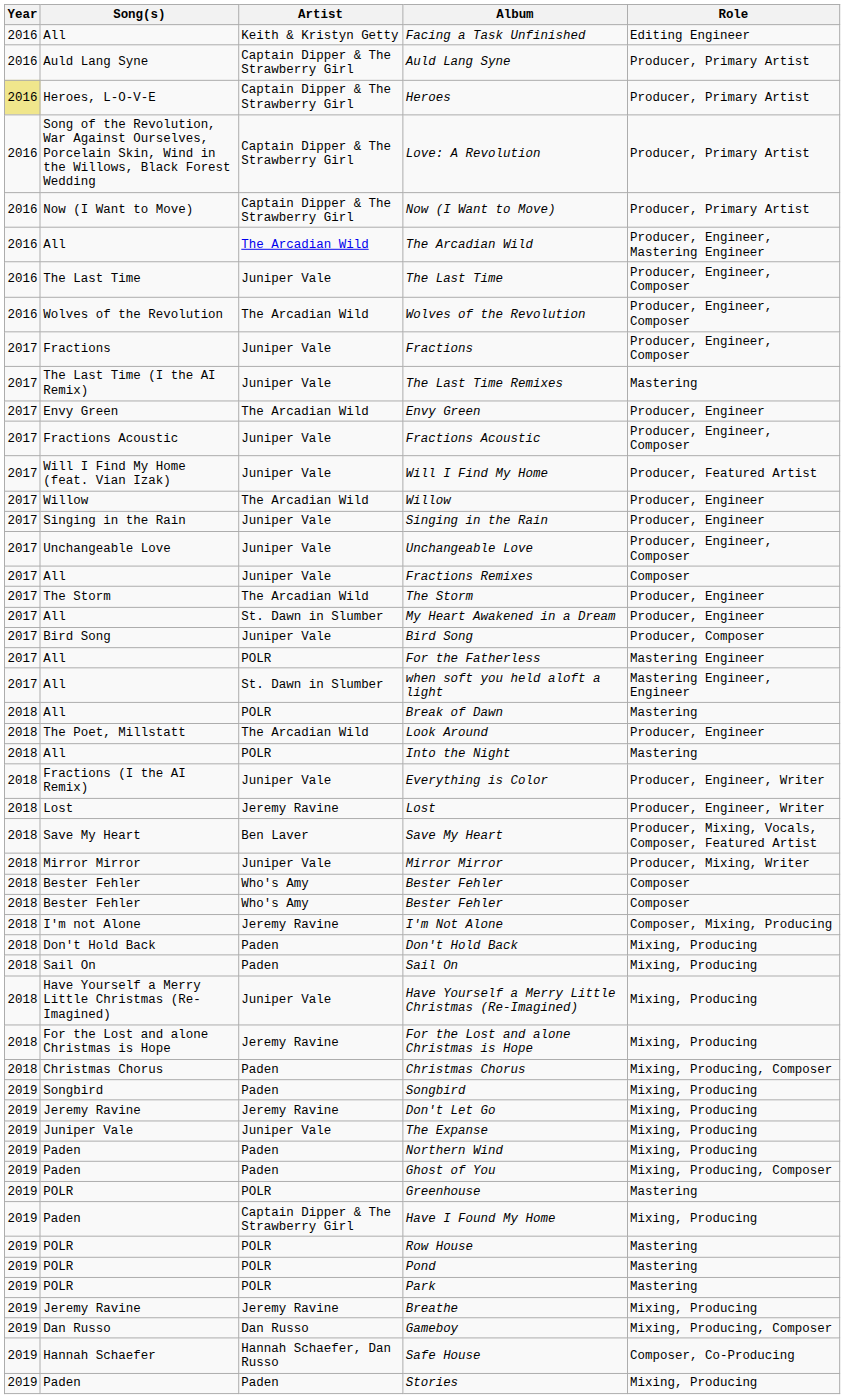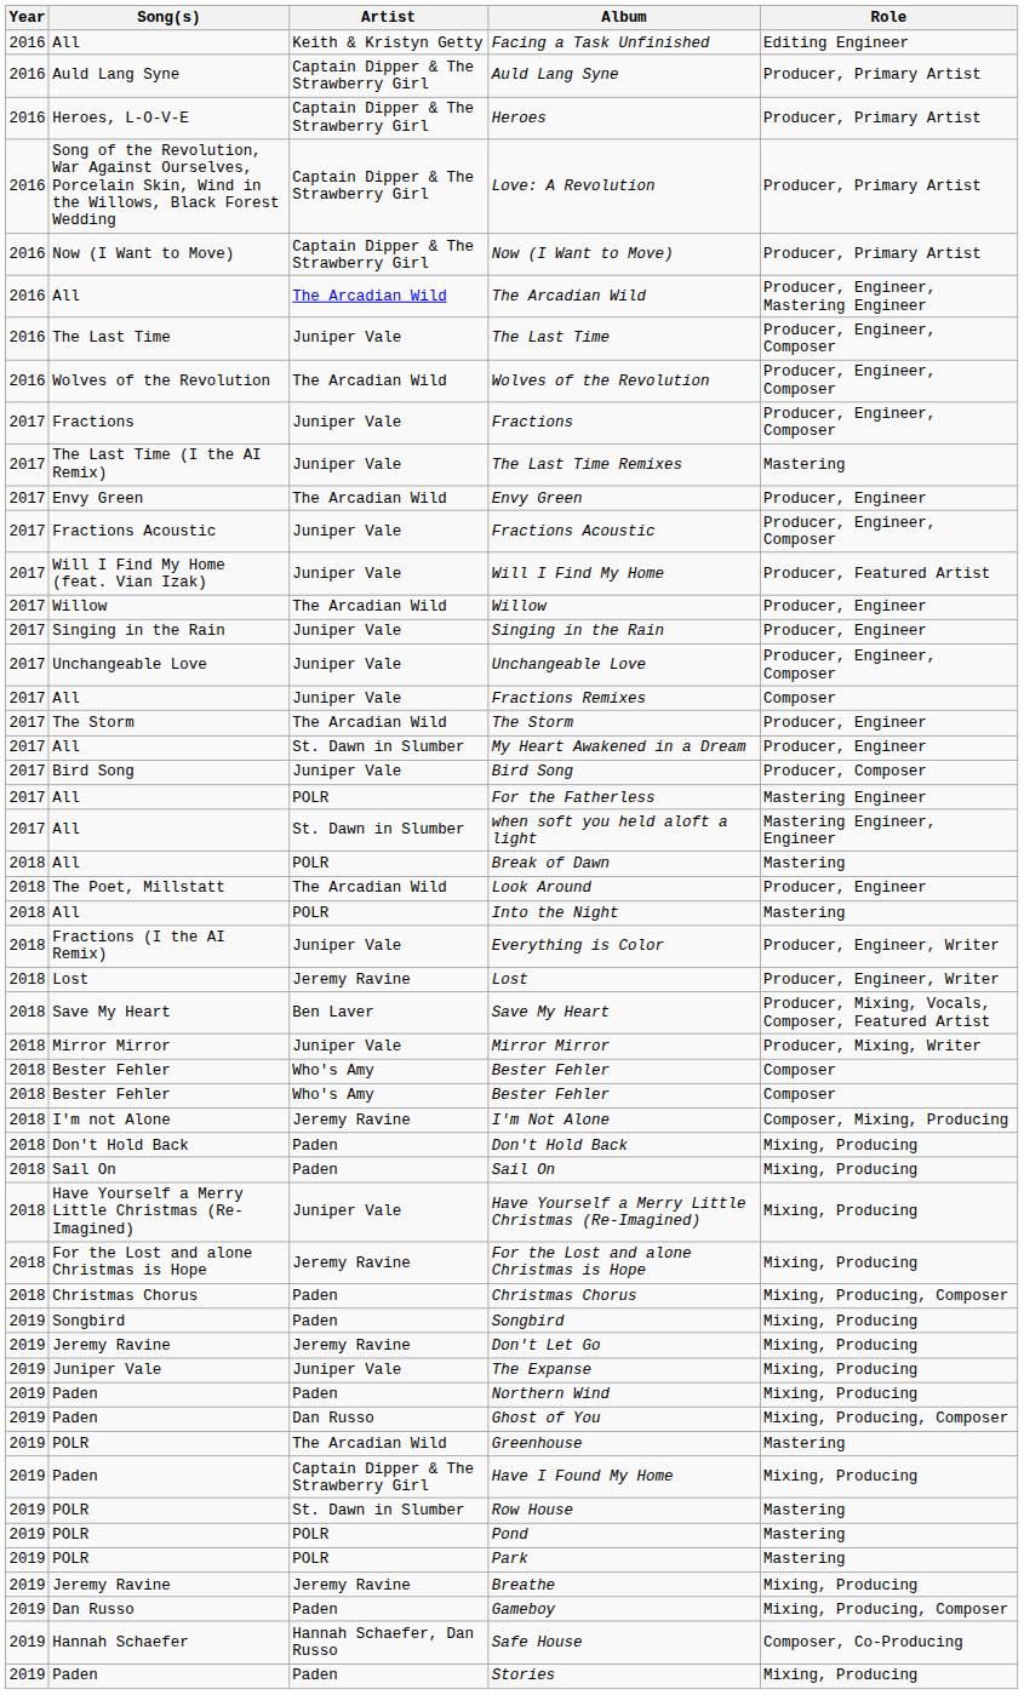 <table class="wikitable">
 <tr>
 <th>Year</th>
 <th style="width:200px;">Song(s)</th>
 <th>Artist</th>
 <th>Album</th>
 <th>Role</th>
 </tr>
 <tr>
 <td>2016</td>
 <td style="width:200px;">All</td>
 <td>Keith & Kristyn Getty</td>
 <td><em>Facing a Task Unfinished</em></td>
 <td>Editing Engineer</td>
 </tr>
 <tr>
 <td>2016</td>
 <td style="width:200px;">Auld Lang Syne</td>
 <td>Captain Dipper & The Strawberry Girl</td>
 <td><em>Auld Lang Syne</em></td>
 <td>Producer, Primary Artist</td>
 </tr>
 <tr>
-<td style="background: khaki;">2016</td>
+<td>2016</td>
 <td style="width:200px;">Heroes, L-O-V-E</td>
 <td>Captain Dipper & The Strawberry Girl</td>
 <td><em>Heroes</em></td>
 <td>Producer, Primary Artist</td>
 </tr>
 <tr>
 <td>2016</td>
 <td style="width:200px;">Song of the Revolution, War Against Ourselves, Porcelain Skin, Wind in the Willows, Black Forest Wedding</td>
 <td>Captain Dipper & The Strawberry Girl</td>
 <td><em>Love: A Revolution</em></td>
 <td>Producer, Primary Artist</td>
 </tr>
 <tr>
 <td>2016</td>
 <td style="width:200px;">Now (I Want to Move)</td>
 <td>Captain Dipper & The Strawberry Girl</td>
 <td><em>Now (I Want to Move)</em></td>
 <td>Producer, Primary Artist</td>
 </tr>
 <tr>
 <td>2016</td>
 <td style="width:200px;">All</td>
 <td><a href='#'>The Arcadian Wild</a></td>
 <td><em>The Arcadian Wild</em></td>
 <td>Producer, Engineer, Mastering Engineer</td>
 </tr>
 <tr>
 <td>2016</td>
 <td style="width:200px;">The Last Time</td>
 <td>Juniper Vale</td>
 <td><em>The Last Time</em></td>
 <td>Producer, Engineer, Composer</td>
 </tr>
 <tr>
 <td>2016</td>
 <td style="width:200px;">Wolves of the Revolution</td>
 <td>The Arcadian Wild</td>
 <td><em>Wolves of the Revolution</em></td>
 <td>Producer, Engineer, Composer</td>
 </tr>
 <tr>
 <td>2017</td>
 <td style="width:200px;">Fractions</td>
 <td>Juniper Vale</td>
 <td><em>Fractions</em></td>
 <td>Producer, Engineer, Composer</td>
 </tr>
 <tr>
 <td>2017</td>
 <td style="width:200px;">The Last Time (I the AI Remix)</td>
 <td>Juniper Vale</td>
 <td><em>The Last Time Remixes</em></td>
 <td>Mastering</td>
 </tr>
 <tr>
 <td>2017</td>
 <td style="width:200px;">Envy Green</td>
 <td>The Arcadian Wild</td>
 <td><em>Envy Green</em></td>
 <td>Producer, Engineer</td>
 </tr>
 <tr>
 <td>2017</td>
 <td style="width:200px;">Fractions Acoustic</td>
 <td>Juniper Vale</td>
 <td><em>Fractions Acoustic</em></td>
 <td>Producer, Engineer, Composer</td>
 </tr>
 <tr>
 <td>2017</td>
 <td style="width:200px;">Will I Find My Home (feat. Vian Izak)</td>
 <td>Juniper Vale</td>
 <td><em>Will I Find My Home</em></td>
 <td>Producer, Featured Artist</td>
 </tr>
 <tr>
 <td>2017</td>
 <td style="width:200px;">Willow</td>
 <td>The Arcadian Wild</td>
 <td><em>Willow</em></td>
 <td>Producer, Engineer</td>
 </tr>
 <tr>
 <td>2017</td>
 <td style="width:200px;">Singing in the Rain</td>
 <td>Juniper Vale</td>
 <td><em>Singing in the Rain</em></td>
 <td>Producer, Engineer</td>
 </tr>
 <tr>
 <td>2017</td>
 <td style="width:200px;">Unchangeable Love</td>
 <td>Juniper Vale</td>
 <td><em>Unchangeable Love</em></td>
 <td>Producer, Engineer, Composer</td>
 </tr>
 <tr>
 <td>2017</td>
 <td style="width:200px;">All</td>
 <td>Juniper Vale</td>
 <td><em>Fractions Remixes</em></td>
 <td>Composer</td>
 </tr>
 <tr>
 <td>2017</td>
 <td style="width:200px;">The Storm</td>
 <td>The Arcadian Wild</td>
 <td><em>The Storm</em></td>
 <td>Producer, Engineer</td>
 </tr>
 <tr>
 <td>2017</td>
 <td style="width:200px;">All </td>
 <td>St. Dawn in Slumber</td>
 <td><em>My Heart Awakened in a Dream</em></td>
 <td>Producer, Engineer</td>
 </tr>
 <tr>
 <td>2017</td>
 <td style="width:200px;">Bird Song </td>
 <td>Juniper Vale</td>
 <td><em>Bird Song</em></td>
 <td>Producer, Composer</td>
 </tr>
 <tr>
 <td>2017</td>
 <td style="width:200px;">All </td>
 <td>POLR</td>
 <td><em>For the Fatherless</em></td>
 <td>Mastering Engineer</td>
 </tr>
 <tr>
 <td>2017</td>
 <td style="width:200px;">All </td>
 <td>St. Dawn in Slumber</td>
 <td><em>when soft you held aloft a light</em></td>
 <td>Mastering Engineer, Engineer</td>
 </tr>
 <tr>
 <td>2018</td>
 <td style="width:200px;">All </td>
 <td>POLR</td>
 <td><em>Break of Dawn</em></td>
 <td>Mastering</td>
 </tr>
 <tr>
 <td>2018</td>
 <td style="width:200px;">The Poet, Millstatt </td>
 <td>The Arcadian Wild</td>
 <td><em>Look Around</em></td>
 <td>Producer, Engineer</td>
 </tr>
 <tr>
 <td>2018</td>
 <td>All</td>
 <td>POLR</td>
 <td><em>Into the Night</em></td>
 <td>Mastering</td>
 </tr>
 <tr>
 <td>2018</td>
 <td>Fractions (I the AI Remix)</td>
 <td>Juniper Vale</td>
 <td><em>Everything is Color</em></td>
 <td>Producer, Engineer, Writer</td>
 </tr>
 <tr>
 <td>2018</td>
 <td>Lost</td>
 <td>Jeremy Ravine</td>
 <td><em>Lost</em></td>
 <td>Producer, Engineer, Writer</td>
 </tr>
 <tr>
 <td>2018</td>
 <td>Save My Heart</td>
 <td>Ben Laver</td>
 <td><em>Save My Heart</em></td>
 <td>Producer, Mixing, Vocals, Composer, Featured Artist</td>
 </tr>
 <tr>
 <td>2018</td>
 <td>Mirror Mirror</td>
 <td>Juniper Vale</td>
 <td><em>Mirror Mirror</em></td>
 <td>Producer, Mixing, Writer</td>
 </tr>
 <tr>
 <td>2018</td>
 <td>Bester Fehler</td>
 <td>Who's Amy</td>
 <td><em>Bester Fehler</em></td>
 <td>Composer</td>
 </tr>
 <tr>
 <td>2018</td>
 <td>Bester Fehler</td>
 <td>Who's Amy</td>
 <td><em>Bester Fehler</em></td>
 <td>Composer</td>
 </tr>
 <tr>
 <td>2018</td>
 <td>I'm not Alone</td>
 <td>Jeremy Ravine</td>
 <td><em>I'm Not Alone</em></td>
 <td>Composer, Mixing, Producing</td>
 </tr>
 <tr>
 <td>2018</td>
 <td>Don't Hold Back</td>
 <td>Paden</td>
 <td><em>Don't Hold Back</em></td>
 <td>Mixing, Producing</td>
 </tr>
 <tr>
 <td>2018</td>
 <td>Sail On</td>
 <td>Paden</td>
 <td><em>Sail On</em></td>
 <td>Mixing, Producing</td>
 </tr>
 <tr>
 <td>2018</td>
 <td>Have Yourself a Merry Little Christmas (Re-Imagined)</td>
 <td>Juniper Vale</td>
 <td><em>Have Yourself a Merry Little Christmas (Re-Imagined)</em></td>
 <td>Mixing, Producing</td>
 </tr>
 <tr>
 <td>2018</td>
 <td>For the Lost and alone Christmas is Hope</td>
 <td>Jeremy Ravine</td>
 <td><em>For the Lost and alone Christmas is Hope</em></td>
 <td>Mixing, Producing</td>
 </tr>
 <tr>
 <td>2018</td>
 <td>Christmas Chorus</td>
 <td>Paden</td>
 <td><em>Christmas Chorus</em></td>
 <td>Mixing, Producing, Composer</td>
 </tr>
 <tr>
 <td>2019</td>
 <td>Songbird</td>
 <td>Paden</td>
 <td><em>Songbird</em></td>
 <td>Mixing, Producing</td>
 </tr>
 <tr>
 <td>2019</td>
 <td>Jeremy Ravine</td>
 <td>Jeremy Ravine</td>
 <td><em>Don't Let Go</em></td>
 <td>Mixing, Producing</td>
 </tr>
 <tr>
 <td>2019</td>
 <td>Juniper Vale</td>
 <td>Juniper Vale</td>
 <td><em>The Expanse</em></td>
 <td>Mixing, Producing</td>
 </tr>
 <tr>
 <td>2019</td>
 <td>Paden</td>
 <td>Paden</td>
 <td><em>Northern Wind</em></td>
 <td>Mixing, Producing</td>
 </tr>
 <tr>
 <td>2019</td>
 <td>Paden</td>
-<td>Paden</td>
+<td>Dan Russo</td>
 <td><em>Ghost of You</em></td>
 <td>Mixing, Producing, Composer</td>
 </tr>
 <tr>
 <td>2019</td>
 <td>POLR</td>
-<td>POLR</td>
+<td>The Arcadian Wild</td>
 <td><em>Greenhouse</em></td>
 <td>Mastering</td>
 </tr>
 <tr>
 <td>2019</td>
 <td>Paden</td>
 <td>Captain Dipper & The Strawberry Girl</td>
 <td><em>Have I Found My Home</em></td>
 <td>Mixing, Producing</td>
 </tr>
 <tr>
 <td>2019</td>
 <td>POLR</td>
-<td>POLR</td>
+<td>St. Dawn in Slumber</td>
 <td><em>Row House</em></td>
 <td>Mastering</td>
 </tr>
 <tr>
 <td>2019</td>
 <td>POLR</td>
 <td>POLR</td>
 <td><em>Pond</em></td>
 <td>Mastering</td>
 </tr>
 <tr>
 <td>2019</td>
 <td>POLR</td>
 <td>POLR</td>
 <td><em>Park</em></td>
 <td>Mastering</td>
 </tr>
 <tr>
 <td>2019</td>
 <td>Jeremy Ravine</td>
 <td>Jeremy Ravine</td>
 <td><em>Breathe</em></td>
 <td>Mixing, Producing</td>
 </tr>
 <tr>
 <td>2019</td>
 <td>Dan Russo</td>
-<td>Dan Russo</td>
+<td>Paden</td>
 <td><em>Gameboy</em></td>
 <td>Mixing, Producing, Composer</td>
 </tr>
 <tr>
 <td>2019</td>
 <td>Hannah Schaefer</td>
 <td>Hannah Schaefer, Dan Russo</td>
 <td><em>Safe House</em></td>
 <td>Composer, Co-Producing</td>
 </tr>
 <tr>
 <td>2019</td>
 <td>Paden</td>
 <td>Paden</td>
 <td><em>Stories</em></td>
 <td>Mixing, Producing</td>
 </tr>
 </table>
